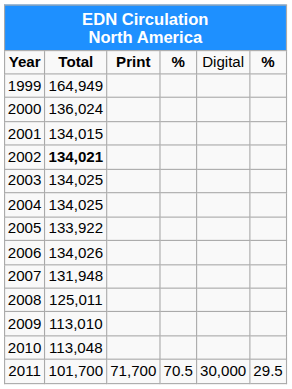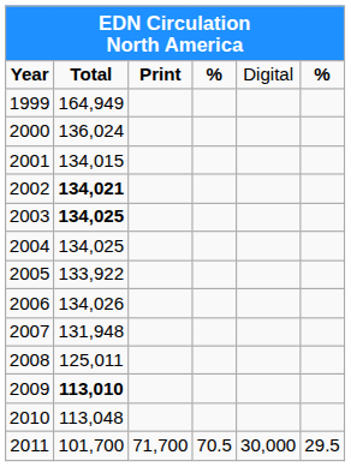 <table style="text-align:center; float:right; font-size:85%; margin-right:2em" class="wikitable">
 <tr>
 <td colspan="6" style="color: white; background-color: #1E90FF; font-size:110%"><strong>EDN Circulation<br>North America</strong></td>
 </tr>
 <tr>
 <td><strong>Year</strong></td>
 <td><strong>Total</strong></td>
 <td><strong>Print</strong></td>
 <td><strong>%</strong></td>
 <td>Digital</td>
 <td><strong>%</strong></td>
 </tr>
 <tr>
 <td>1999</td>
 <td>164,949</td>
 <td></td>
 <td></td>
 <td></td>
 <td></td>
 </tr>
 <tr>
 <td>2000</td>
 <td>136,024</td>
 <td></td>
 <td></td>
 <td></td>
 <td></td>
 </tr>
 <tr>
 <td>2001</td>
 <td>134,015</td>
 <td></td>
 <td></td>
 <td></td>
 <td></td>
 </tr>
 <tr>
 <td>2002</td>
 <td><strong>134,021</strong></td>
 <td></td>
 <td></td>
 <td></td>
 <td></td>
 </tr>
 <tr>
 <td>2003</td>
-<td>134,025</td>
+<td><strong>134,025</strong></td>
 <td></td>
 <td></td>
 <td></td>
 <td></td>
 </tr>
 <tr>
 <td>2004</td>
 <td>134,025</td>
 <td></td>
 <td></td>
 <td></td>
 <td></td>
 </tr>
 <tr>
 <td>2005</td>
 <td>133,922</td>
 <td></td>
 <td></td>
 <td></td>
 <td></td>
 </tr>
 <tr>
 <td>2006</td>
 <td>134,026</td>
 <td></td>
 <td></td>
 <td></td>
 <td></td>
 </tr>
 <tr>
 <td>2007</td>
 <td>131,948</td>
 <td></td>
 <td></td>
 <td></td>
 <td></td>
 </tr>
 <tr>
 <td>2008</td>
 <td>125,011</td>
 <td></td>
 <td></td>
 <td></td>
 <td></td>
 </tr>
 <tr>
 <td>2009</td>
-<td>113,010</td>
+<td><strong>113,010</strong></td>
 <td></td>
 <td></td>
 <td></td>
 <td></td>
 </tr>
 <tr>
 <td>2010</td>
 <td>113,048</td>
 <td></td>
 <td></td>
 <td></td>
 <td></td>
 </tr>
 <tr>
 <td>2011</td>
 <td>101,700</td>
 <td>71,700</td>
 <td>70.5</td>
 <td>30,000</td>
 <td>29.5</td>
 </tr>
 </table>
